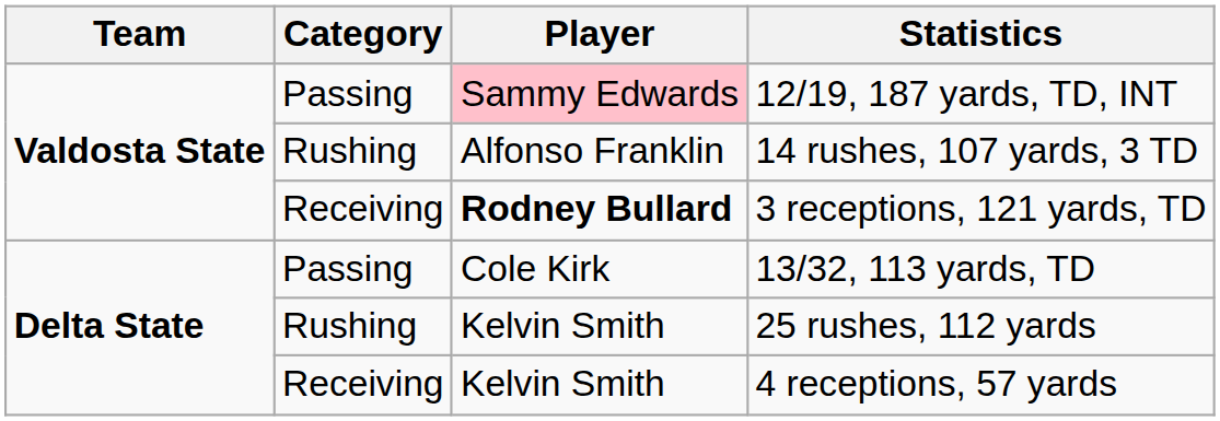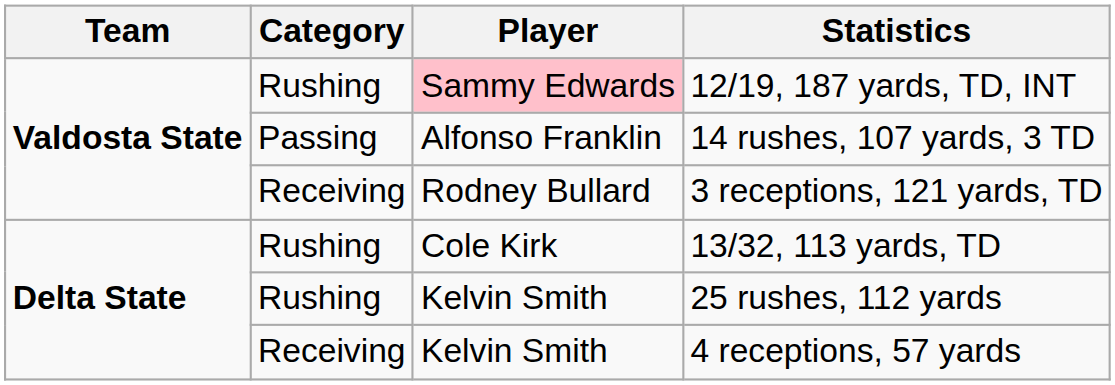 <table class="wikitable" style="float: left;">
 <tr>
 <th>Team</th>
 <th>Category</th>
 <th>Player</th>
 <th>Statistics</th>
 </tr>
 <tr>
 <td rowspan=3><strong>Valdosta State</strong></td>
-<td>Passing</td>
+<td>Rushing</td>
 <td style="background: pink;">Sammy Edwards</td>
 <td>12/19, 187 yards, TD, INT</td>
 </tr>
 <tr>
-<td>Rushing</td>
+<td>Passing</td>
 <td>Alfonso Franklin</td>
 <td>14 rushes, 107 yards, 3 TD</td>
 </tr>
 <tr>
 <td>Receiving</td>
-<td><strong>Rodney Bullard</strong></td>
+<td>Rodney Bullard</td>
 <td>3 receptions, 121 yards, TD</td>
 </tr>
 <tr>
 <td rowspan=3><strong>Delta State</strong></td>
-<td>Passing</td>
+<td>Rushing</td>
 <td>Cole Kirk</td>
 <td>13/32, 113 yards, TD</td>
 </tr>
 <tr>
 <td>Rushing</td>
 <td>Kelvin Smith</td>
 <td>25 rushes, 112 yards</td>
 </tr>
 <tr>
 <td>Receiving</td>
 <td>Kelvin Smith</td>
 <td>4 receptions, 57 yards</td>
 </tr>
 </table>
